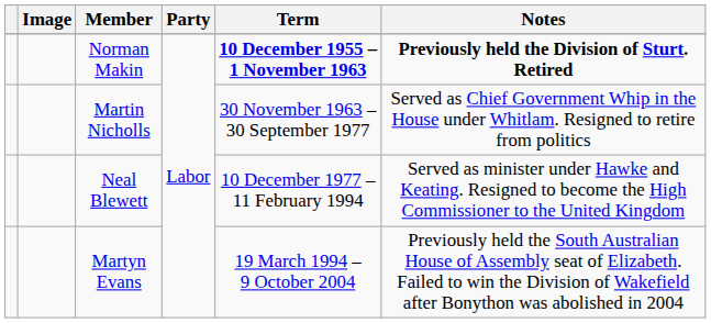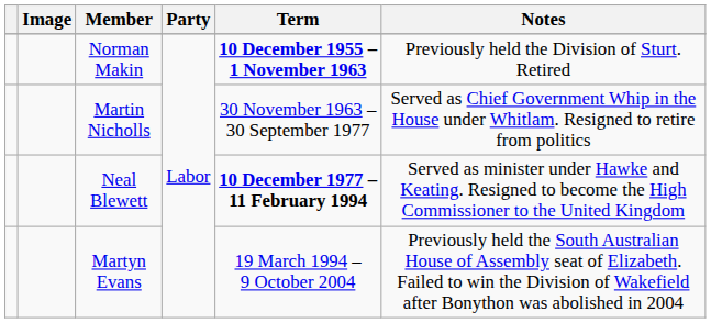 <table class=wikitable style="text-align:center">
 <tr>
 <th></th>
 <th>Image</th>
 <th>Member</th>
 <th>Party</th>
 <th>Term</th>
 <th>Notes</th>
 </tr>
 <tr>
 </tr>
 <tr>
 <td> </td>
 <td></td>
 <td><a href='#'>Norman Makin</a><br></td>
 <td rowspan="4"><a href='#'>Labor</a></td>
 <td nowrap><strong><a href='#'>10 December 1955</a> –<br><a href='#'>1 November 1963</a></strong></td>
-<td><strong>Previously held the Division of <a href='#'>Sturt</a>. Retired</strong></td>
+<td>Previously held the Division of <a href='#'>Sturt</a>. Retired</td>
 </tr>
 <tr>
 <td> </td>
 <td></td>
 <td><a href='#'>Martin Nicholls</a><br></td>
 <td nowrap><a href='#'>30 November 1963</a> –<br>30 September 1977</td>
 <td>Served as <a href='#'>Chief Government Whip in the House</a> under <a href='#'>Whitlam</a>. Resigned to retire from politics</td>
 </tr>
 <tr>
 <td> </td>
 <td></td>
 <td><a href='#'>Neal Blewett</a><br></td>
-<td nowrap><a href='#'>10 December 1977</a> –<br>11 February 1994</td>
+<td nowrap><strong><a href='#'>10 December 1977</a> –<br>11 February 1994</strong></td>
 <td>Served as minister under <a href='#'>Hawke</a> and <a href='#'>Keating</a>. Resigned to become the <a href='#'>High Commissioner to the United Kingdom</a></td>
 </tr>
 <tr>
 <td> </td>
 <td></td>
 <td><a href='#'>Martyn Evans</a><br></td>
 <td nowrap><a href='#'>19 March 1994</a> –<br><a href='#'>9 October 2004</a></td>
 <td>Previously held the <a href='#'>South Australian House of Assembly</a> seat of <a href='#'>Elizabeth</a>. Failed to win the Division of <a href='#'>Wakefield</a> after Bonython was abolished in 2004</td>
 </tr>
 </table>
